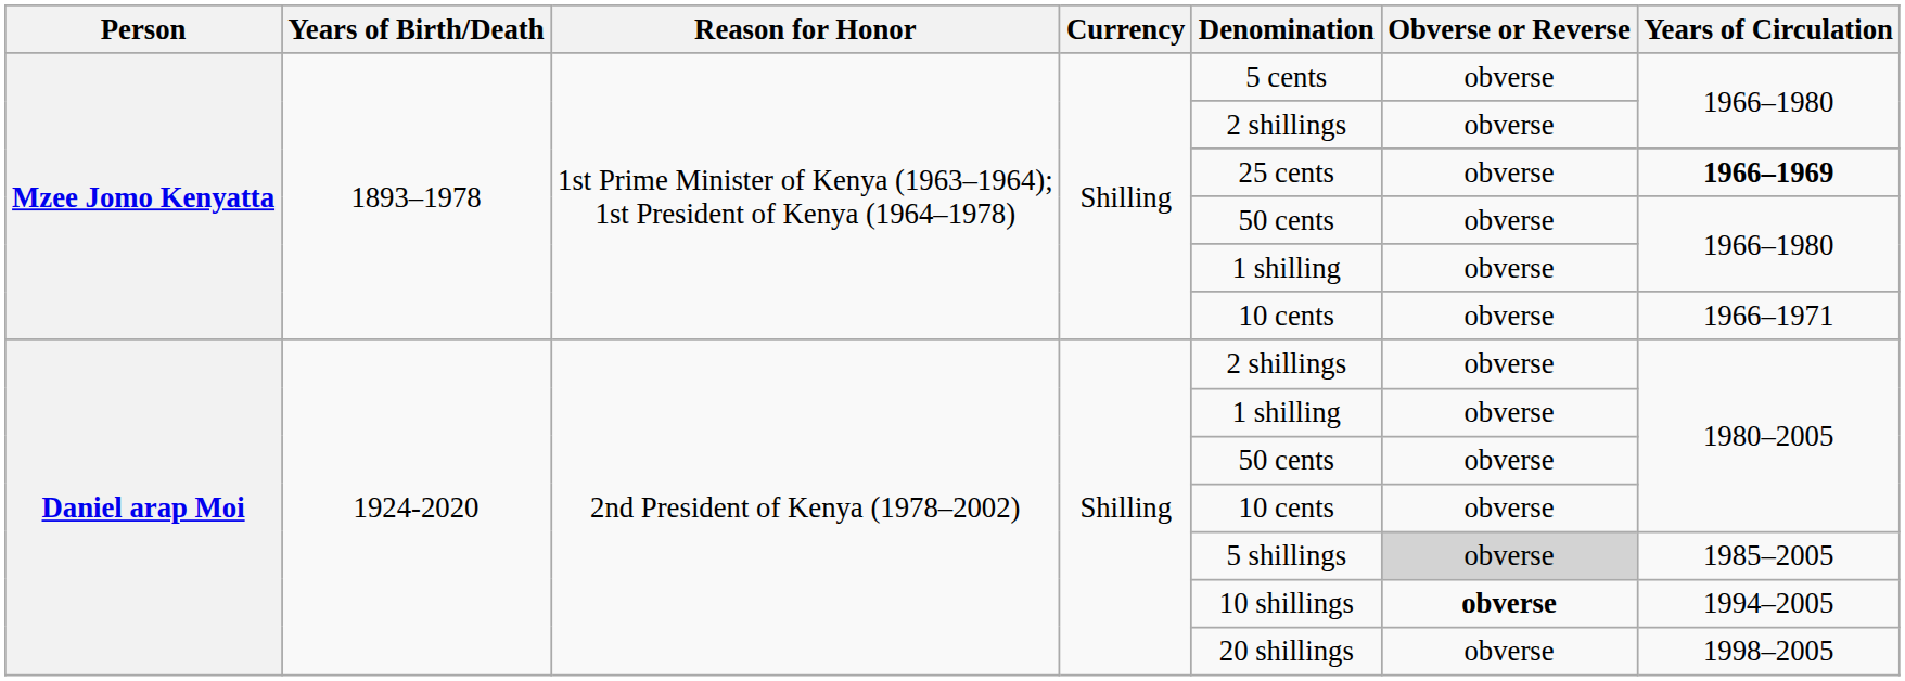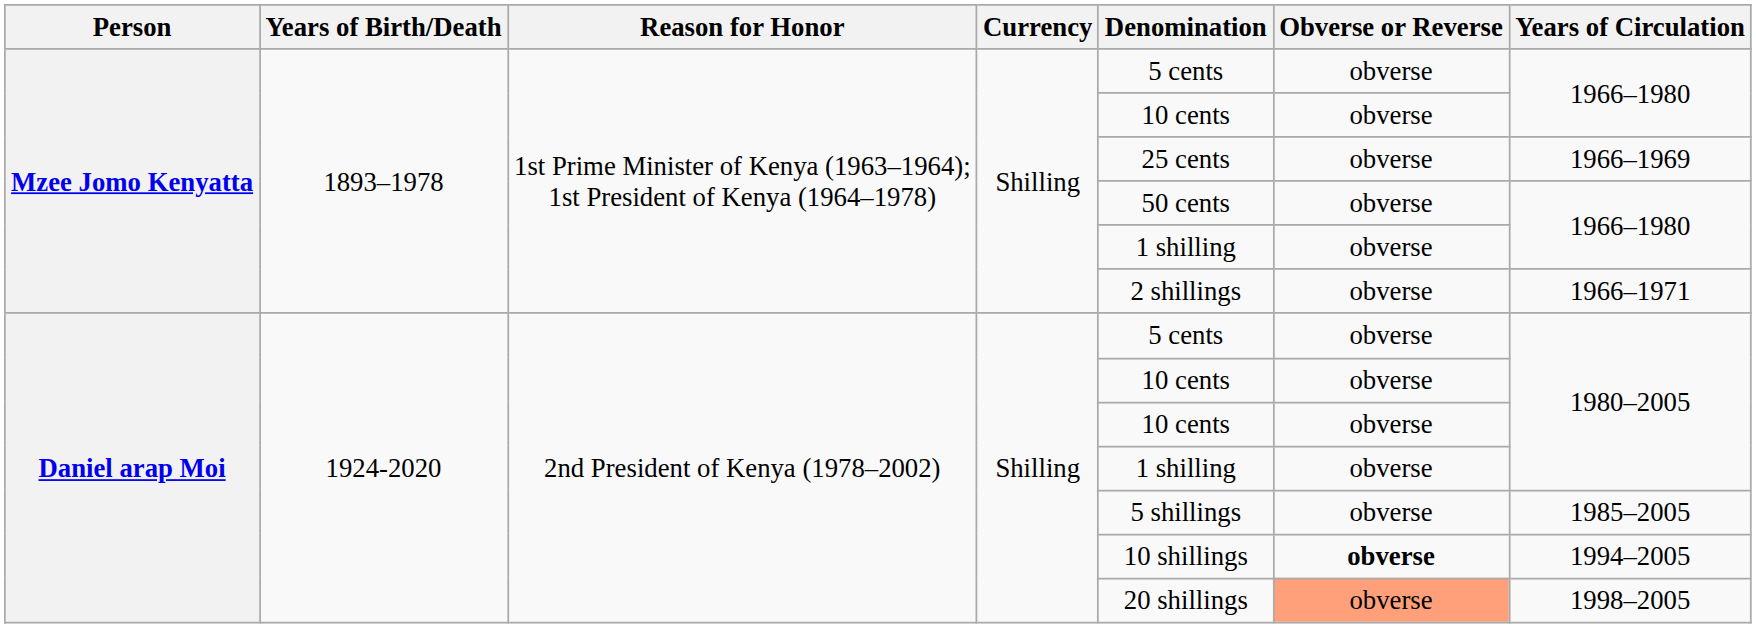 <table class="wikitable" style="font-size:95%; text-align:center;">
 <tr>
 <th>Person</th>
 <th>Years of Birth/Death</th>
 <th>Reason for Honor</th>
 <th>Currency</th>
 <th>Denomination</th>
 <th>Obverse or Reverse</th>
 <th>Years of Circulation</th>
 </tr>
 <tr>
 <th rowspan="6"><a href='#'>Mzee Jomo Kenyatta</a></th>
 <td rowspan="6">1893–1978</td>
 <td rowspan="6">1st Prime Minister of Kenya (1963–1964);<br>1st President of Kenya (1964–1978)</td>
 <td rowspan="6">Shilling</td>
 <td>5 cents</td>
 <td>obverse</td>
 <td rowspan="2">1966–1980</td>
 </tr>
 <tr>
-<td>2 shillings</td>
+<td>10 cents</td>
 <td>obverse</td>
 </tr>
 <tr>
 <td>25 cents</td>
 <td>obverse</td>
-<td><strong>1966–1969</strong></td>
+<td>1966–1969</td>
 </tr>
 <tr>
 <td>50 cents</td>
 <td>obverse</td>
 <td rowspan="2">1966–1980</td>
 </tr>
 <tr>
 <td>1 shilling</td>
 <td>obverse</td>
 </tr>
 <tr>
-<td>10 cents</td>
+<td>2 shillings</td>
 <td>obverse</td>
 <td>1966–1971</td>
 </tr>
 <tr>
 <th rowspan="7"><a href='#'>Daniel arap Moi</a></th>
 <td rowspan="7">1924-2020</td>
 <td rowspan="7">2nd President of Kenya (1978–2002)</td>
 <td rowspan="7">Shilling</td>
-<td>2 shillings</td>
+<td>5 cents</td>
 <td>obverse</td>
 <td rowspan="4">1980–2005</td>
 </tr>
 <tr>
-<td>1 shilling</td>
-<td>obverse</td>
-</tr>
-<tr>
-<td>50 cents</td>
+<td>10 cents</td>
 <td>obverse</td>
 </tr>
 <tr>
 <td>10 cents</td>
 <td>obverse</td>
 </tr>
 <tr>
+<td>1 shilling</td>
+<td>obverse</td>
+</tr>
+<tr>
 <td>5 shillings</td>
-<td style="background: lightgrey;">obverse</td>
+<td>obverse</td>
 <td>1985–2005</td>
 </tr>
 <tr>
 <td>10 shillings</td>
 <td><strong>obverse</strong></td>
 <td>1994–2005</td>
 </tr>
 <tr>
 <td>20 shillings</td>
-<td>obverse</td>
+<td style="background: lightsalmon;">obverse</td>
 <td>1998–2005</td>
 </tr>
 </table>
